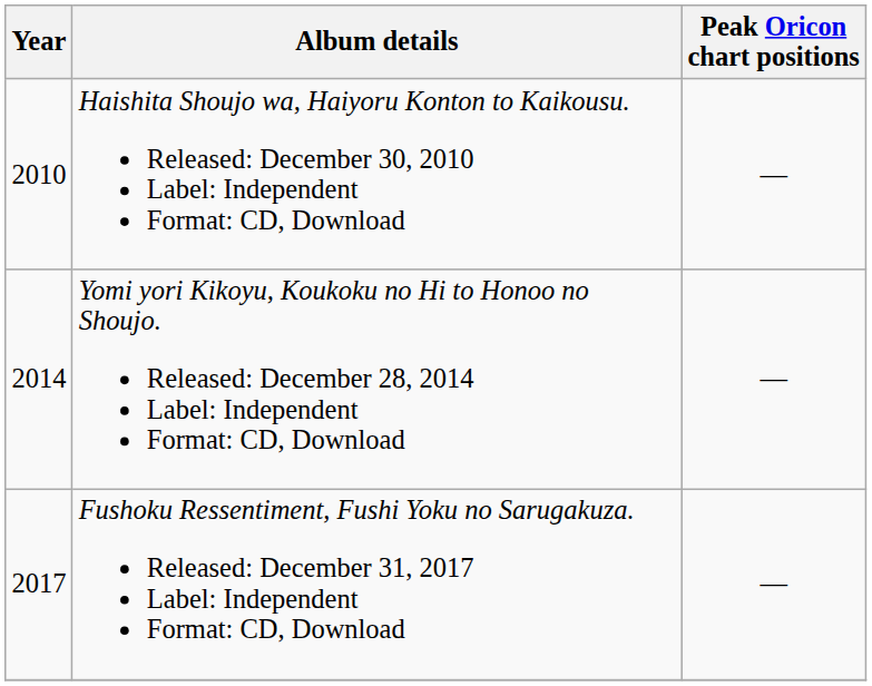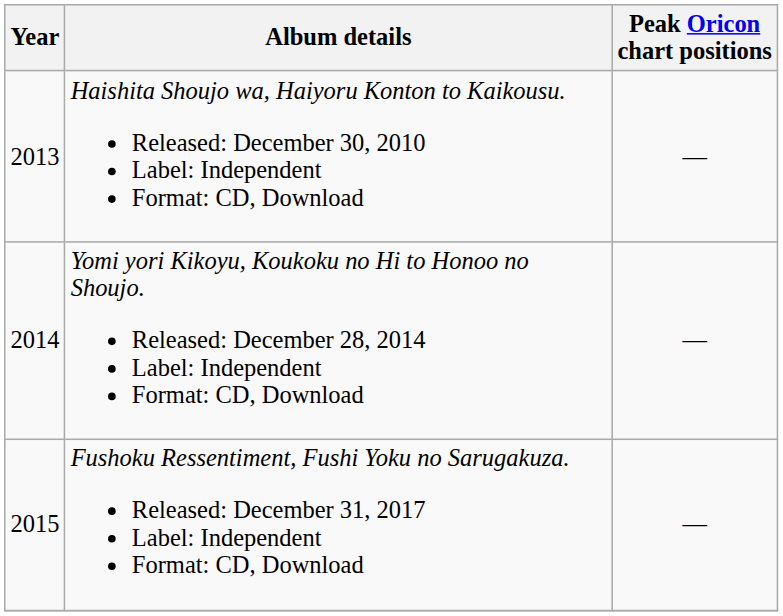 <table class="wikitable" border="1">
 <tr>
 <th rowspan="1">Year</th>
 <th rowspan="1" width="350">Album details</th>
 <th colspan="1">Peak <a href='#'>Oricon</a><br> chart positions</th>
 </tr>
 <tr>
-<td>2010</td>
+<td>2013</td>
 <td align="left"><em>Haishita Shoujo wa, Haiyoru Konton to Kaikousu.</em><br><ul><li>Released: December 30, 2010</li><li>Label: Independent</li><li>Format: CD, Download</li></ul></td>
 <td align="center">—</td>
 </tr>
 <tr>
 <td>2014</td>
 <td align="left"><em>Yomi yori Kikoyu, Koukoku no Hi to Honoo no Shoujo.</em><br><ul><li>Released: December 28, 2014</li><li>Label: Independent</li><li>Format: CD, Download</li></ul></td>
 <td align="center">—</td>
 </tr>
 <tr>
-<td>2017</td>
+<td>2015</td>
 <td align="left"><em>Fushoku Ressentiment, Fushi Yoku no Sarugakuza.</em><br><ul><li>Released: December 31, 2017</li><li>Label: Independent</li><li>Format: CD, Download</li></ul></td>
 <td align="center">—</td>
 </tr>
 <tr>
 </tr>
 </table>
